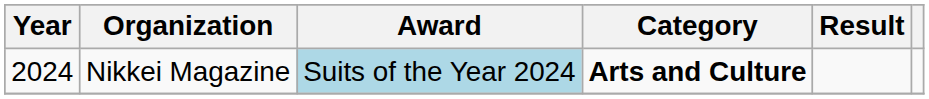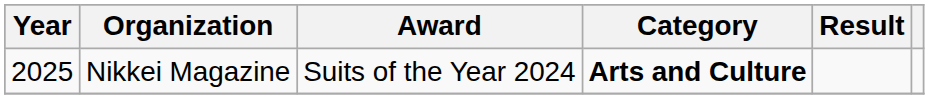 <table class="wikitable">
 <tr>
 <th>Year</th>
 <th>Organization</th>
 <th>Award</th>
 <th>Category</th>
 <th>Result</th>
 <th></th>
 </tr>
 <tr>
-<td>2024</td>
+<td>2025</td>
 <td>Nikkei Magazine</td>
-<td style="background: lightblue;">Suits of the Year 2024</td>
+<td>Suits of the Year 2024</td>
 <td><strong>Arts and Culture</strong></td>
 <td></td>
 <td></td>
 </tr>
 <tr>
 </tr>
 </table>
